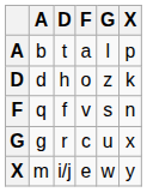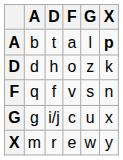 <table class="wikitable" style="text-align:center;">
 <tr>
 <th></th>
 <th>A</th>
 <th>D</th>
 <th>F</th>
 <th>G</th>
 <th>X</th>
 </tr>
 <tr>
 <th>A</th>
 <td>b</td>
 <td>t</td>
 <td>a</td>
 <td>l</td>
-<td>p</td>
+<td><strong>p</strong></td>
 </tr>
 <tr>
 <th>D</th>
 <td>d</td>
 <td>h</td>
 <td>o</td>
 <td>z</td>
 <td>k</td>
 </tr>
 <tr>
 <th>F</th>
 <td>q</td>
 <td>f</td>
 <td>v</td>
 <td>s</td>
 <td>n</td>
 </tr>
 <tr>
 <th>G</th>
 <td>g</td>
-<td>r</td>
+<td>i/j</td>
 <td>c</td>
 <td>u</td>
 <td>x</td>
 </tr>
 <tr>
 <th>X</th>
 <td>m</td>
-<td>i/j</td>
+<td>r</td>
 <td>e</td>
 <td>w</td>
 <td>y</td>
 </tr>
 </table>
